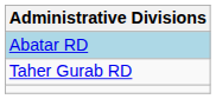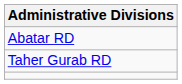 <table class="wikitable">
 <tr>
 <th>Administrative Divisions</th>
 </tr>
 <tr>
-<td style="background: lightblue;"><a href='#'>Abatar RD</a></td>
+<td><a href='#'>Abatar RD</a></td>
 </tr>
 <tr>
 <td><a href='#'>Taher Gurab RD</a></td>
 </tr>
 <tr>
 <td colspan=1></td>
 </tr>
 </table>
